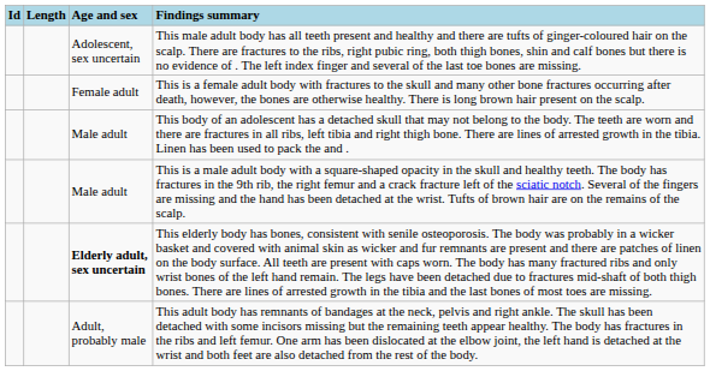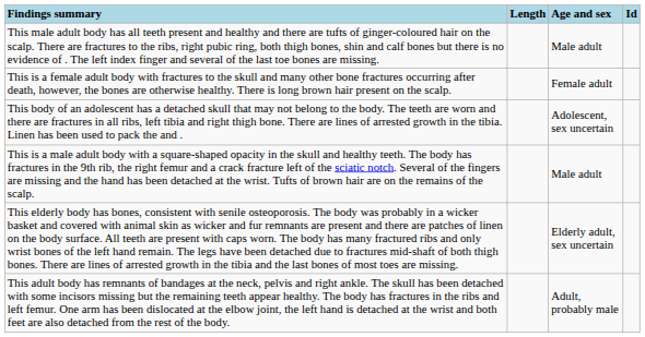 <table class=wikitable>
 <tr>
-<th style="background:lightblue;text-align:left">Id</th>
+<th style="background:lightblue;text-align:left">Findings summary</th>
 <th style="background:lightblue;text-align:left">Length</th>
 <th style="background:lightblue;text-align:left">Age and sex</th>
-<th style="background:lightblue;text-align:left">Findings summary</th>
+<th style="background:lightblue;text-align:left">Id</th>
 </tr>
 <tr>
+<td>This male adult body has all teeth present and healthy and there are tufts of ginger-coloured hair on the scalp. There are fractures to the ribs, right pubic ring, both thigh bones, shin and calf bones but there is no evidence of . The left index finger and several of the last toe bones are missing.</td>
 <td></td>
+<td>Male adult</td>
+<td></td>
+</tr>
+<tr>
+<td>This is a female adult body with fractures to the skull and many other bone fractures occurring after death, however, the bones are otherwise healthy. There is long brown hair present on the scalp.</td>
+<td></td>
+<td>Female adult</td>
+<td></td>
+</tr>
+<tr>
+<td>This body of an adolescent has a detached skull that may not belong to the body. The teeth are worn and there are fractures in all ribs, left tibia and right thigh bone. There are lines of arrested growth in the tibia. Linen has been used to pack the  and .</td>
 <td></td>
 <td>Adolescent, sex uncertain</td>
-<td>This male adult body has all teeth present and healthy and there are tufts of ginger-coloured hair on the scalp. There are fractures to the ribs, right pubic ring, both thigh bones, shin and calf bones but there is no evidence of . The left index finger and several of the last toe bones are missing.</td>
+<td></td>
 </tr>
 <tr>
+<td>This is a male adult body with a square-shaped opacity in the skull and healthy teeth. The body has fractures in the 9th rib, the right femur and a crack fracture left of the <a href='#'>sciatic notch</a>. Several of the fingers are missing and the hand has been detached at the wrist. Tufts of brown hair are on the remains of the scalp.</td>
 <td></td>
+<td>Male adult</td>
 <td></td>
-<td>Female adult</td>
-<td>This is a female adult body with fractures to the skull and many other bone fractures occurring after death, however, the bones are otherwise healthy. There is long brown hair present on the scalp.</td>
 </tr>
 <tr>
+<td>This elderly body has  bones, consistent with senile osteoporosis. The body was probably in a wicker basket and covered with animal skin as wicker and fur remnants are present and there are patches of linen on the body surface. All teeth are present with caps worn. The body has many fractured ribs and only wrist bones of the left hand remain. The legs have been detached due to fractures mid-shaft of both thigh bones. There are lines of arrested growth in the tibia and the last bones of most toes are missing.</td>
 <td></td>
+<td>Elderly adult, sex uncertain</td>
 <td></td>
-<td>Male adult</td>
-<td>This body of an adolescent has a detached skull that may not belong to the body. The teeth are worn and there are fractures in all ribs, left tibia and right thigh bone. There are lines of arrested growth in the tibia. Linen has been used to pack the  and .</td>
 </tr>
 <tr>
-<td></td>
-<td></td>
-<td>Male adult</td>
-<td>This is a male adult body with a square-shaped opacity in the skull and healthy teeth. The body has fractures in the 9th rib, the right femur and a crack fracture left of the <a href='#'>sciatic notch</a>. Several of the fingers are missing and the hand has been detached at the wrist. Tufts of brown hair are on the remains of the scalp.</td>
-</tr>
-<tr>
-<td></td>
-<td></td>
-<td><strong>Elderly adult, sex uncertain</strong></td>
-<td>This elderly body has  bones, consistent with senile osteoporosis. The body was probably in a wicker basket and covered with animal skin as wicker and fur remnants are present and there are patches of linen on the body surface. All teeth are present with caps worn. The body has many fractured ribs and only wrist bones of the left hand remain. The legs have been detached due to fractures mid-shaft of both thigh bones. There are lines of arrested growth in the tibia and the last bones of most toes are missing.</td>
-</tr>
-<tr>
-<td></td>
+<td>This adult body has remnants of bandages at the neck, pelvis and right ankle. The skull has been detached with some incisors missing but the remaining teeth appear healthy. The body has fractures in the ribs and left femur. One arm has been dislocated at the elbow joint, the left hand is detached at the wrist and both feet are also detached from the rest of the body.</td>
 <td></td>
 <td>Adult, probably male</td>
-<td>This adult body has remnants of bandages at the neck, pelvis and right ankle. The skull has been detached with some incisors missing but the remaining teeth appear healthy. The body has fractures in the ribs and left femur. One arm has been dislocated at the elbow joint, the left hand is detached at the wrist and both feet are also detached from the rest of the body.</td>
+<td></td>
 </tr>
 </table>
